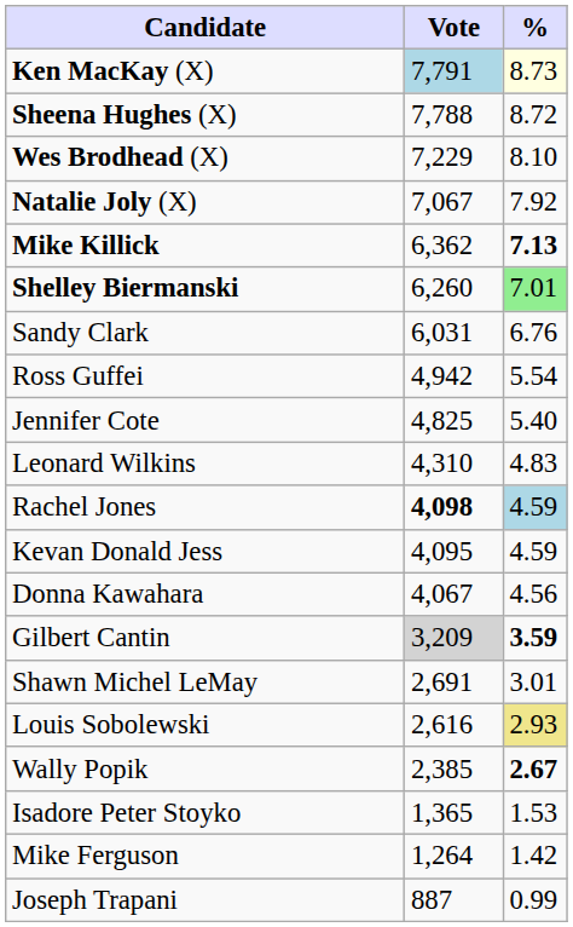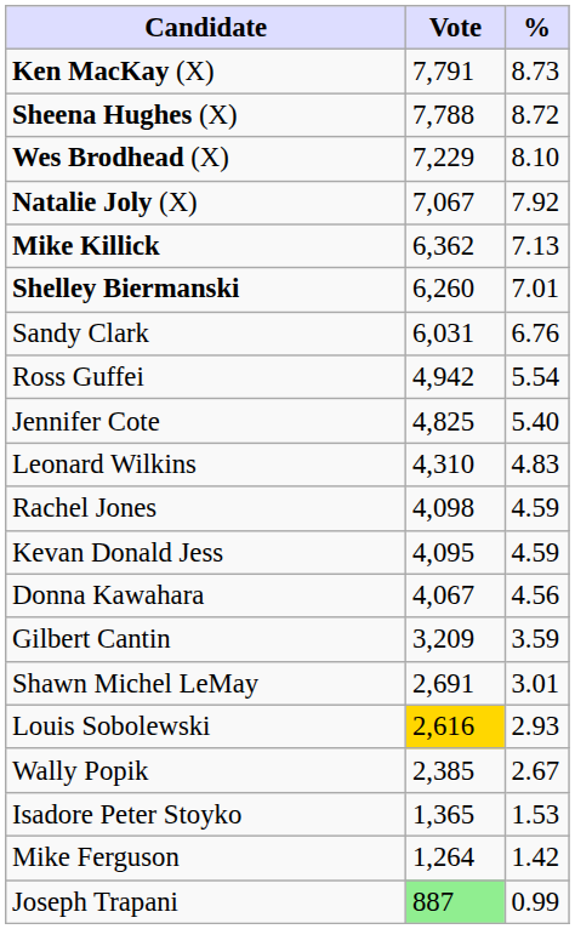 <table class="wikitable">
 <tr>
 <th style="background:#ddf; width:225px;">Candidate</th>
 <th style="background:#ddf; width:50px;">Vote</th>
 <th style="background:#ddf; width:30px;">%</th>
 </tr>
 <tr>
 <td><strong>Ken MacKay</strong> (X)</td>
-<td style="background: lightblue;">7,791</td>
-<td style="background: lightyellow;">8.73</td>
+<td>7,791</td>
+<td>8.73</td>
 </tr>
 <tr>
 <td><strong>Sheena Hughes</strong> (X)</td>
 <td>7,788</td>
 <td>8.72</td>
 </tr>
 <tr>
 <td><strong>Wes Brodhead</strong> (X)</td>
 <td>7,229</td>
 <td>8.10</td>
 </tr>
 <tr>
 <td><strong>Natalie Joly</strong> (X)</td>
 <td>7,067</td>
 <td>7.92</td>
 </tr>
 <tr>
 <td><strong>Mike Killick</strong></td>
 <td>6,362</td>
-<td><strong>7.13</strong></td>
+<td>7.13</td>
 </tr>
 <tr>
 <td><strong>Shelley Biermanski</strong></td>
 <td>6,260</td>
-<td style="background: lightgreen;">7.01</td>
+<td>7.01</td>
 </tr>
 <tr>
 <td>Sandy Clark</td>
 <td>6,031</td>
 <td>6.76</td>
 </tr>
 <tr>
 <td>Ross Guffei</td>
 <td>4,942</td>
 <td>5.54</td>
 </tr>
 <tr>
 <td>Jennifer Cote</td>
 <td>4,825</td>
 <td>5.40</td>
 </tr>
 <tr>
 <td>Leonard Wilkins</td>
 <td>4,310</td>
 <td>4.83</td>
 </tr>
 <tr>
 <td>Rachel Jones</td>
-<td><strong>4,098</strong></td>
-<td style="background: lightblue;">4.59</td>
+<td>4,098</td>
+<td>4.59</td>
 </tr>
 <tr>
 <td>Kevan Donald Jess</td>
 <td>4,095</td>
 <td>4.59</td>
 </tr>
 <tr>
 <td>Donna Kawahara</td>
 <td>4,067</td>
 <td>4.56</td>
 </tr>
 <tr>
 <td>Gilbert Cantin</td>
-<td style="background: lightgrey;">3,209</td>
-<td><strong>3.59</strong></td>
+<td>3,209</td>
+<td>3.59</td>
 </tr>
 <tr>
 <td>Shawn Michel LeMay</td>
 <td>2,691</td>
 <td>3.01</td>
 </tr>
 <tr>
 <td>Louis Sobolewski</td>
-<td>2,616</td>
-<td style="background: khaki;">2.93</td>
+<td style="background: gold;">2,616</td>
+<td>2.93</td>
 </tr>
 <tr>
 <td>Wally Popik</td>
 <td>2,385</td>
-<td><strong>2.67</strong></td>
+<td>2.67</td>
 </tr>
 <tr>
 <td>Isadore Peter Stoyko</td>
 <td>1,365</td>
 <td>1.53</td>
 </tr>
 <tr>
 <td>Mike Ferguson</td>
 <td>1,264</td>
 <td>1.42</td>
 </tr>
 <tr>
 <td>Joseph Trapani</td>
-<td>887</td>
+<td style="background: lightgreen;">887</td>
 <td>0.99</td>
 </tr>
 <tr>
 </tr>
 </table>
